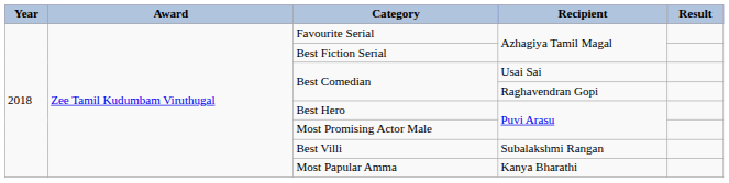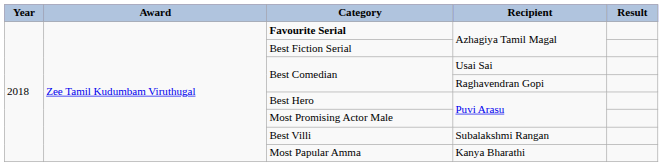 <table class="wikitable" width="75%">
 <tr bgcolor="blue">
 <th style="background:LightSteelBlue;">Year</th>
 <th style="background:LightSteelBlue;">Award</th>
 <th style="background:LightSteelBlue;">Category</th>
 <th style="background:LightSteelBlue;">Recipient</th>
 <th style="background:LightSteelBlue;">Result</th>
 </tr>
 <tr>
 <td rowspan="8">2018</td>
 <td rowspan="8"><a href='#'>Zee Tamil Kudumbam Viruthugal</a></td>
-<td>Favourite Serial</td>
+<td><strong>Favourite Serial</strong></td>
 <td rowspan="2">Azhagiya Tamil Magal</td>
 <td></td>
 </tr>
 <tr>
 <td>Best Fiction Serial</td>
 <td></td>
 </tr>
 <tr>
 <td rowspan="2">Best Comedian</td>
 <td>Usai Sai</td>
 <td></td>
 </tr>
 <tr>
 <td>Raghavendran Gopi</td>
 <td></td>
 </tr>
 <tr>
 <td>Best Hero</td>
 <td rowspan="2"><a href='#'>Puvi Arasu</a></td>
 <td></td>
 </tr>
 <tr>
 <td>Most Promising Actor Male</td>
 <td></td>
 </tr>
 <tr>
 <td>Best Villi</td>
 <td>Subalakshmi Rangan</td>
 <td></td>
 </tr>
 <tr>
 <td>Most Papular Amma</td>
 <td>Kanya Bharathi</td>
 <td></td>
 </tr>
 </table>
